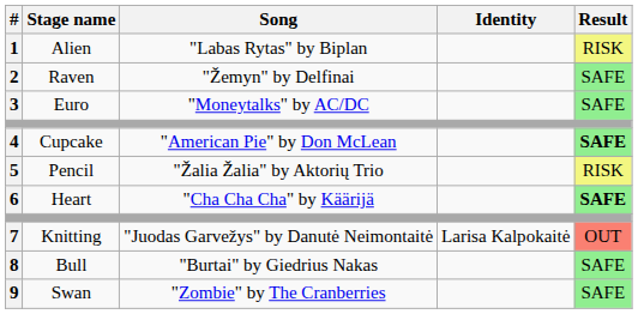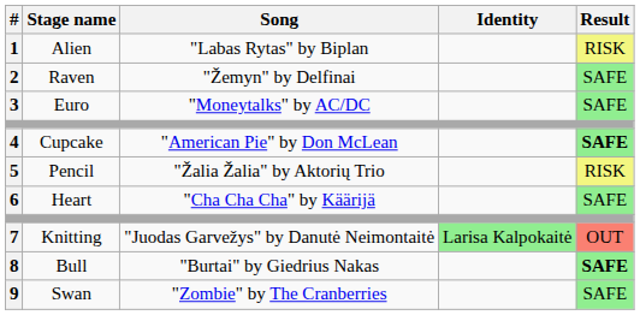 <table class="wikitable plainrowheaders" style="text-align: center;">
 <tr>
 <th>#</th>
 <th>Stage name</th>
 <th>Song</th>
 <th>Identity</th>
 <th>Result</th>
 </tr>
 <tr>
 <th>1</th>
 <td>Alien</td>
 <td>"Labas Rytas" by Biplan</td>
 <td></td>
 <td bgcolor="#F3F781">RISK</td>
 </tr>
 <tr>
 <th>2</th>
 <td>Raven</td>
 <td>"Žemyn" by Delfinai</td>
 <td></td>
 <td bgcolor="lightgreen">SAFE</td>
 </tr>
 <tr>
 <th>3</th>
 <td>Euro</td>
 <td>"<a href='#'>Moneytalks</a>" by <a href='#'>AC/DC</a></td>
 <td></td>
 <td bgcolor="lightgreen">SAFE</td>
 </tr>
 <tr>
 <td colspan="5" style="background:darkgray"></td>
 </tr>
 <tr>
 <th>4</th>
 <td>Cupcake</td>
 <td>"<a href='#'>American Pie</a>" by <a href='#'>Don McLean</a></td>
 <td></td>
 <td bgcolor="lightgreen"><strong>SAFE</strong></td>
 </tr>
 <tr>
 <th>5</th>
 <td>Pencil</td>
 <td>"Žalia Žalia" by Aktorių Trio</td>
 <td></td>
 <td bgcolor="#F3F781">RISK</td>
 </tr>
 <tr>
 <th>6</th>
 <td>Heart</td>
 <td>"<a href='#'>Cha Cha Cha</a>" by <a href='#'>Käärijä</a></td>
 <td></td>
-<td bgcolor="lightgreen"><strong>SAFE</strong></td>
+<td bgcolor="lightgreen">SAFE</td>
 </tr>
 <tr>
 <td colspan="5" style="background:darkgray"></td>
 </tr>
 <tr>
 <th>7</th>
 <td>Knitting</td>
 <td>"Juodas Garvežys" by Danutė Neimontaitė</td>
-<td>Larisa Kalpokaitė</td>
+<td style="background: lightgreen;">Larisa Kalpokaitė</td>
 <td bgcolor="salmon">OUT</td>
 </tr>
 <tr>
 <th>8</th>
 <td>Bull</td>
 <td>"Burtai" by Giedrius Nakas</td>
 <td></td>
-<td bgcolor="lightgreen">SAFE</td>
+<td bgcolor="lightgreen"><strong>SAFE</strong></td>
 </tr>
 <tr>
 <th>9</th>
 <td>Swan</td>
 <td>"<a href='#'>Zombie</a>" by <a href='#'>The Cranberries</a></td>
 <td></td>
 <td bgcolor="lightgreen">SAFE</td>
 </tr>
 </table>
